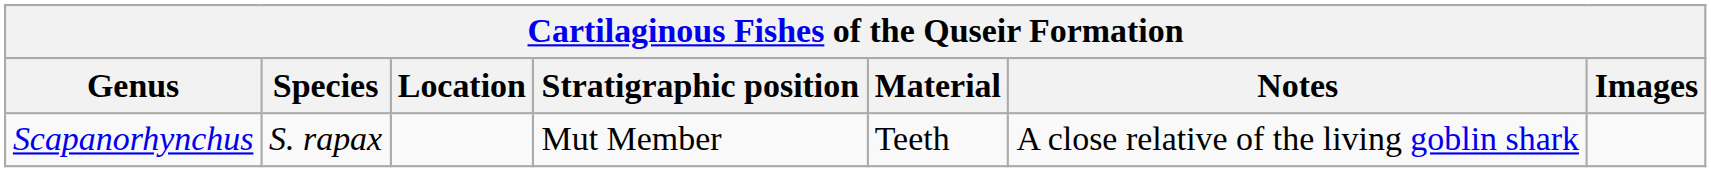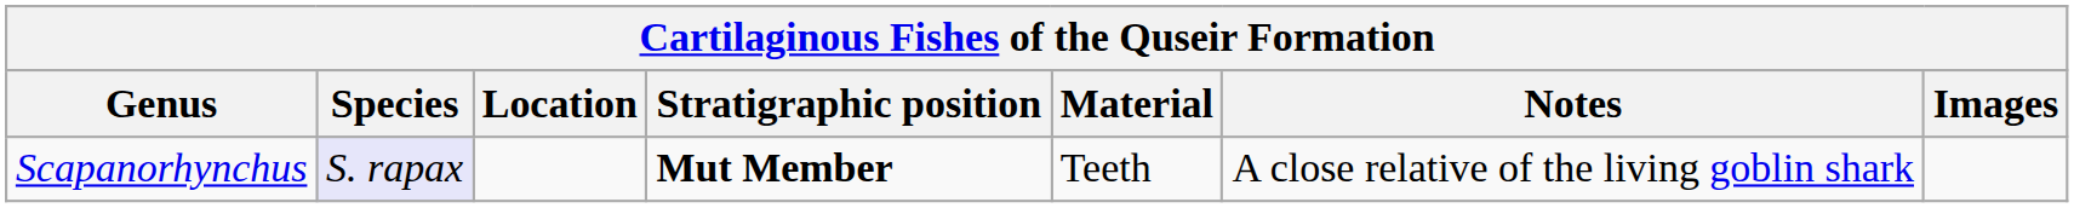 <table class="wikitable" align="center">
 <tr>
 <th colspan="7" align="center"><a href='#'>Cartilaginous Fishes</a> of the Quseir Formation</th>
 </tr>
 <tr>
 <th>Genus</th>
 <th>Species</th>
 <th>Location</th>
 <th>Stratigraphic position</th>
 <th>Material</th>
 <th>Notes</th>
 <th>Images</th>
 </tr>
 <tr>
 <td><em><a href='#'>Scapanorhynchus</a></em></td>
-<td><em>S. rapax</em></td>
+<td style="background: lavender;"><em>S. rapax</em></td>
 <td></td>
-<td>Mut Member</td>
+<td><strong>Mut Member</strong></td>
 <td>Teeth</td>
 <td>A close relative of the living <a href='#'>goblin shark</a></td>
 <td></td>
 </tr>
 </table>
